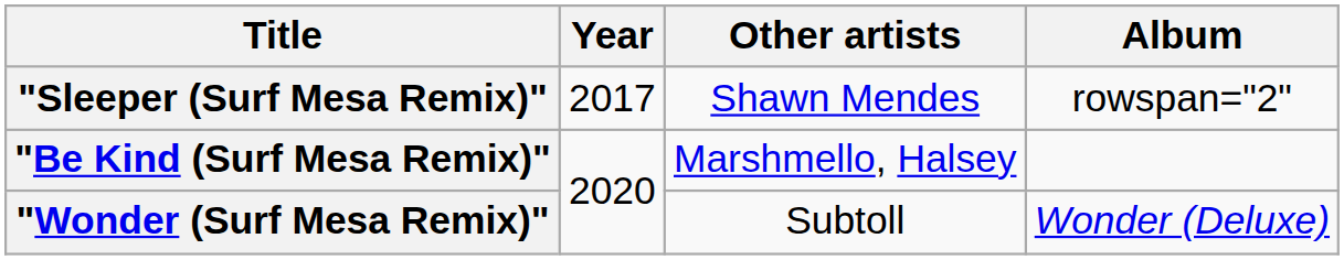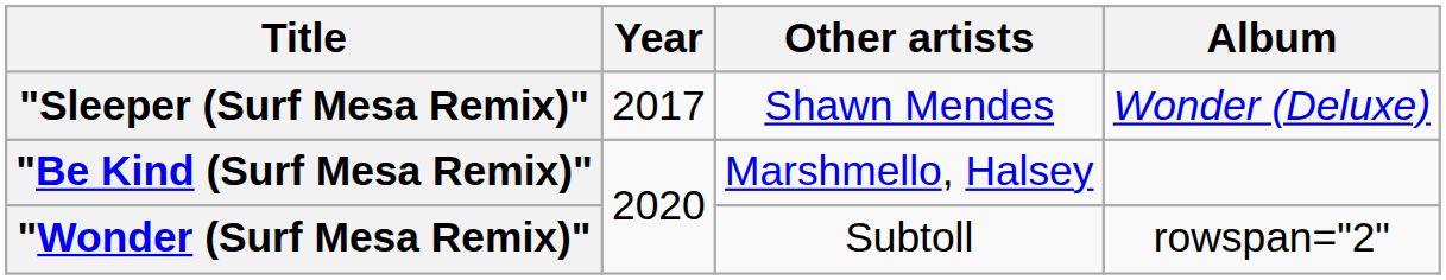 <table class="wikitable sortable plainrowheaders" style="text-align: center;">
 <tr>
 <th scope="col">Title</th>
 <th scope="col">Year</th>
 <th scope="col">Other artists</th>
 <th scope="col">Album</th>
 </tr>
 <tr>
 <th scope="row">"Sleeper (Surf Mesa Remix)"</th>
 <td>2017</td>
 <td><a href='#'>Shawn Mendes</a></td>
-<td>rowspan="2" </td>
+<td><em><a href='#'>Wonder (Deluxe)</a></em></td>
 </tr>
 <tr>
 <th scope="row">"<a href='#'>Be Kind</a> (Surf Mesa Remix)"</th>
 <td rowspan="2">2020</td>
 <td><a href='#'>Marshmello</a>, <a href='#'>Halsey</a></td>
 </tr>
 <tr>
 <th scope="row">"<a href='#'>Wonder</a> (Surf Mesa Remix)"</th>
 <td>Subtoll</td>
-<td><em><a href='#'>Wonder (Deluxe)</a></em></td>
+<td>rowspan="2" </td>
 </tr>
 </table>
